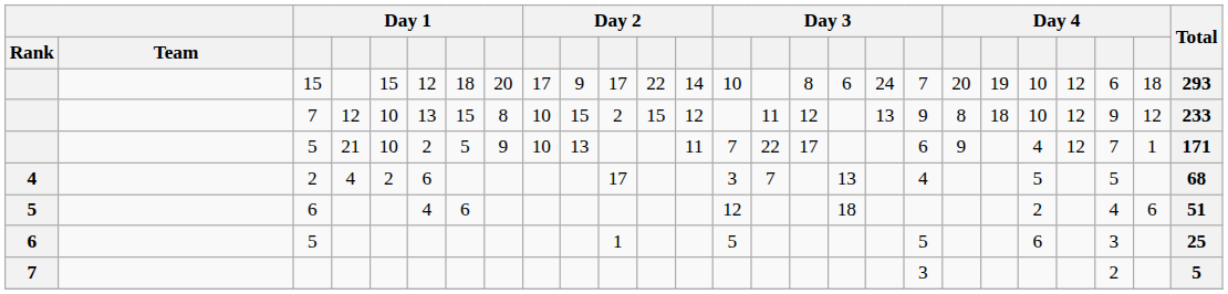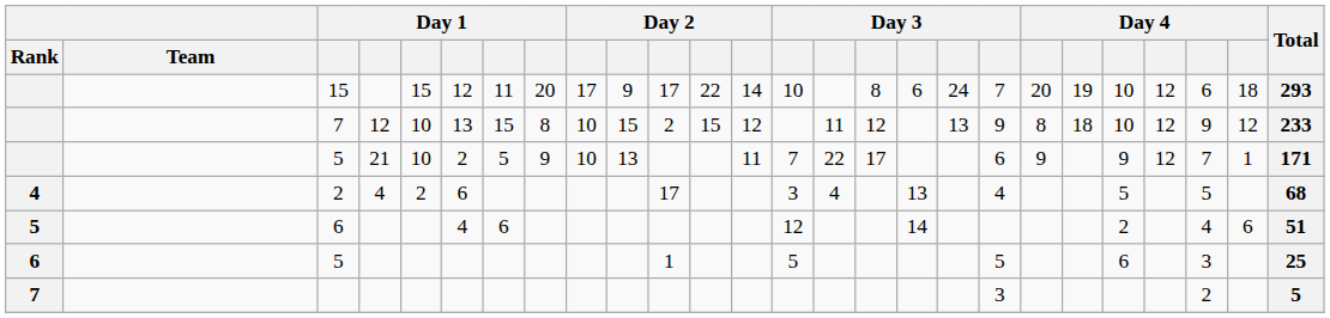 <table class="wikitable" style="text-align:center; font-size:90%;">
 <tr>
 <th colspan=2></th>
 <th colspan=6>Day 1</th>
 <th colspan=5>Day 2</th>
 <th colspan=6>Day 3</th>
 <th colspan=6>Day 4</th>
 <th rowspan=2>Total</th>
 </tr>
 <tr>
 <th>Rank</th>
 <th width=170px>Team</th>
 <th width=22px></th>
 <th width=22px></th>
 <th width=22px></th>
 <th width=22px></th>
 <th width=22px></th>
 <th width=22px></th>
 <th width=22px></th>
 <th width=22px></th>
 <th width=22px></th>
 <th width=22px></th>
 <th width=22px></th>
 <th width=22px></th>
 <th width=22px></th>
 <th width=22px></th>
 <th width=22px></th>
 <th width=22px></th>
 <th width=22px></th>
 <th width=22px></th>
 <th width=22px></th>
 <th width=22px></th>
 <th width=22px></th>
 <th width=22px></th>
 <th width=22px></th>
 </tr>
 <tr>
 <th></th>
 <td align="left"></td>
 <td>15</td>
 <td></td>
 <td>15</td>
 <td>12</td>
-<td>18</td>
+<td>11</td>
 <td>20</td>
 <td>17</td>
 <td>9</td>
 <td>17</td>
 <td>22</td>
 <td>14</td>
 <td>10</td>
 <td></td>
 <td>8</td>
 <td>6</td>
 <td>24</td>
 <td>7</td>
 <td>20</td>
 <td>19</td>
 <td>10</td>
 <td>12</td>
 <td>6</td>
 <td>18</td>
 <th>293</th>
 </tr>
 <tr>
 <th></th>
 <td align="left"></td>
 <td>7</td>
 <td>12</td>
 <td>10</td>
 <td>13</td>
 <td>15</td>
 <td>8</td>
 <td>10</td>
 <td>15</td>
 <td>2</td>
 <td>15</td>
 <td>12</td>
 <td></td>
 <td>11</td>
 <td>12</td>
 <td></td>
 <td>13</td>
 <td>9</td>
 <td>8</td>
 <td>18</td>
 <td>10</td>
 <td>12</td>
 <td>9</td>
 <td>12</td>
 <th>233</th>
 </tr>
 <tr>
 <th></th>
 <td align="left"></td>
 <td>5</td>
 <td>21</td>
 <td>10</td>
 <td>2</td>
 <td>5</td>
 <td>9</td>
 <td>10</td>
 <td>13</td>
 <td></td>
 <td></td>
 <td>11</td>
 <td>7</td>
 <td>22</td>
 <td>17</td>
 <td></td>
 <td></td>
 <td>6</td>
 <td>9</td>
 <td></td>
-<td>4</td>
+<td>9</td>
 <td>12</td>
 <td>7</td>
 <td>1</td>
 <th>171</th>
 </tr>
 <tr>
 <th>4</th>
 <td align="left"></td>
 <td>2</td>
 <td>4</td>
 <td>2</td>
 <td>6</td>
 <td></td>
 <td></td>
 <td></td>
 <td></td>
 <td>17</td>
 <td></td>
 <td></td>
 <td>3</td>
-<td>7</td>
+<td>4</td>
 <td></td>
 <td>13</td>
 <td></td>
 <td>4</td>
 <td></td>
 <td></td>
 <td>5</td>
 <td></td>
 <td>5</td>
 <td></td>
 <th>68</th>
 </tr>
 <tr>
 <th>5</th>
 <td align="left"></td>
 <td>6</td>
 <td></td>
 <td></td>
 <td>4</td>
 <td>6</td>
 <td></td>
 <td></td>
 <td></td>
 <td></td>
 <td></td>
 <td></td>
 <td>12</td>
 <td></td>
 <td></td>
-<td>18</td>
+<td>14</td>
 <td></td>
 <td></td>
 <td></td>
 <td></td>
 <td>2</td>
 <td></td>
 <td>4</td>
 <td>6</td>
 <th>51</th>
 </tr>
 <tr>
 <th>6</th>
 <td align="left"><strong></strong></td>
 <td>5</td>
 <td></td>
 <td></td>
 <td></td>
 <td></td>
 <td></td>
 <td></td>
 <td></td>
 <td>1</td>
 <td></td>
 <td></td>
 <td>5</td>
 <td></td>
 <td></td>
 <td></td>
 <td></td>
 <td>5</td>
 <td></td>
 <td></td>
 <td>6</td>
 <td></td>
 <td>3</td>
 <td></td>
 <th>25</th>
 </tr>
 <tr>
 <th>7</th>
 <td align="left"></td>
 <td></td>
 <td></td>
 <td></td>
 <td></td>
 <td></td>
 <td></td>
 <td></td>
 <td></td>
 <td></td>
 <td></td>
 <td></td>
 <td></td>
 <td></td>
 <td></td>
 <td></td>
 <td></td>
 <td>3</td>
 <td></td>
 <td></td>
 <td></td>
 <td></td>
 <td>2</td>
 <td></td>
 <th>5</th>
 </tr>
 <tr>
 </tr>
 </table>
